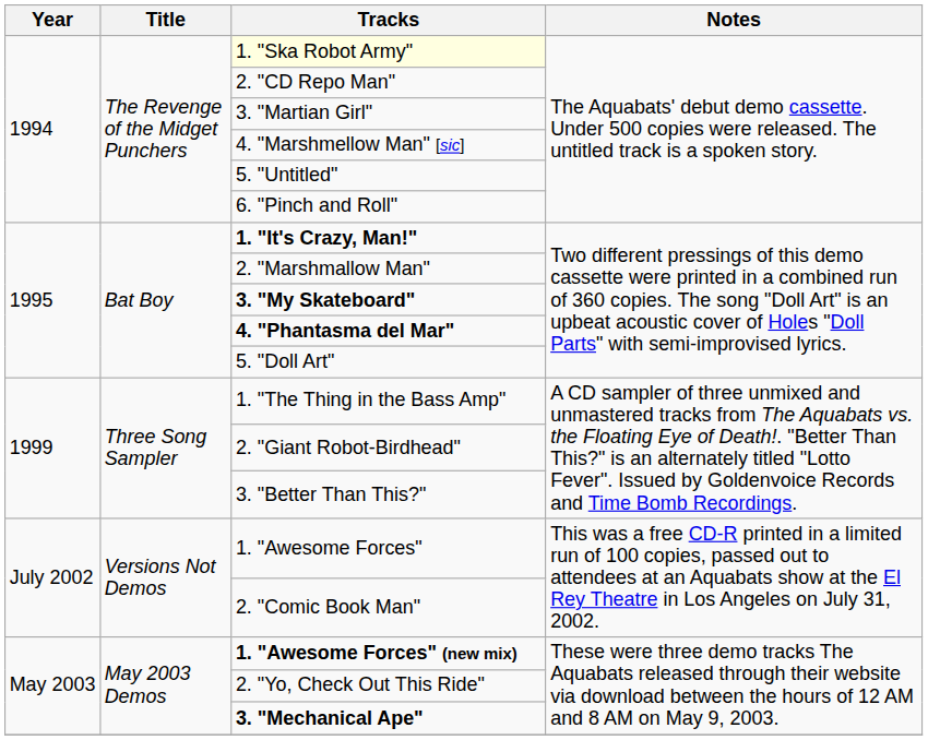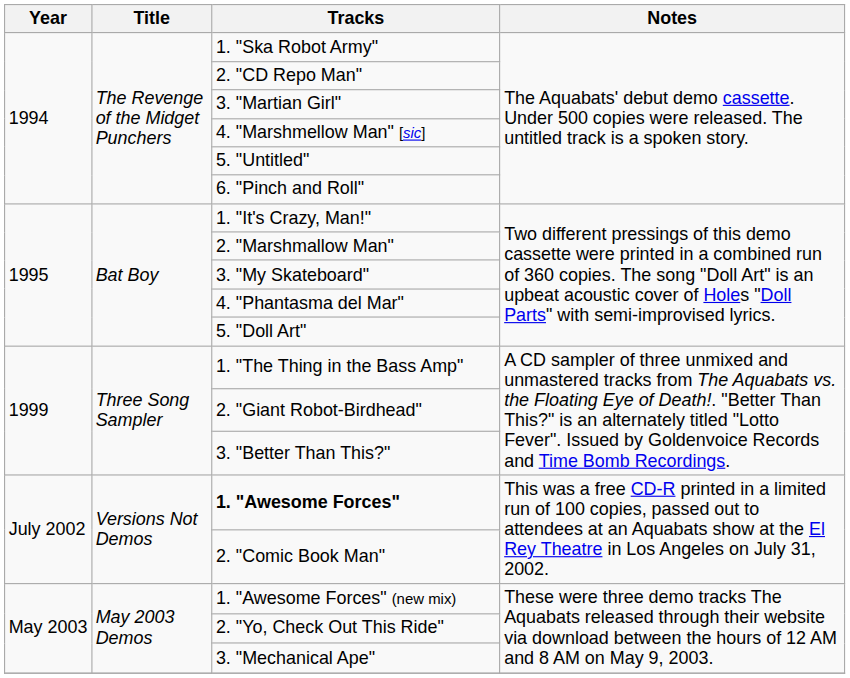 <table class="wikitable">
 <tr>
 <th><strong>Year</strong></th>
 <th width="100pt"><strong>Title</strong></th>
 <th width="250pt"><strong>Tracks</strong></th>
 <th width="300pt"><strong>Notes</strong></th>
 </tr>
 <tr>
 <td rowspan=6>1994</td>
 <td rowspan=6><em>The Revenge of the Midget Punchers</em></td>
-<td style="background: lightyellow;">1. "Ska Robot Army"</td>
+<td>1. "Ska Robot Army"</td>
 <td rowspan=6>The Aquabats' debut demo <a href='#'>cassette</a>. Under 500 copies were released. The untitled track is a spoken story.</td>
 </tr>
 <tr>
 <td>2. "CD Repo Man"</td>
 </tr>
 <tr>
 <td>3. "Martian Girl"</td>
 </tr>
 <tr>
 <td>4. "Marshmellow Man" <small>[<em><a href='#'>sic</a></em>]</small></td>
 </tr>
 <tr>
 <td>5. "Untitled"</td>
 </tr>
 <tr>
 <td>6. "Pinch and Roll"</td>
 </tr>
 <tr>
 <td rowspan=5>1995</td>
 <td rowspan=5><em>Bat Boy</em></td>
-<td><strong>1. "It's Crazy, Man!"</strong></td>
+<td>1. "It's Crazy, Man!"</td>
 <td rowspan=5>Two different pressings of this demo cassette were printed in a combined run of 360 copies. The song "Doll Art" is an upbeat acoustic cover of <a href='#'>Hole</a>s "<a href='#'>Doll Parts</a>" with semi-improvised lyrics.</td>
 </tr>
 <tr>
 <td>2. "Marshmallow Man"</td>
 </tr>
 <tr>
-<td><strong>3. "My Skateboard"</strong></td>
+<td>3. "My Skateboard"</td>
 </tr>
 <tr>
-<td><strong>4. "Phantasma del Mar"</strong></td>
+<td>4. "Phantasma del Mar"</td>
 </tr>
 <tr>
 <td>5. "Doll Art"</td>
 </tr>
 <tr>
 <td rowspan=3>1999</td>
 <td rowspan=3><em>Three Song Sampler</em></td>
 <td>1. "The Thing in the Bass Amp"</td>
 <td rowspan=3>A CD sampler of three unmixed and unmastered tracks from <em>The Aquabats vs. the Floating Eye of Death!</em>. "Better Than This?" is an alternately titled "Lotto Fever". Issued by Goldenvoice Records and <a href='#'>Time Bomb Recordings</a>.</td>
 </tr>
 <tr>
 <td>2. "Giant Robot-Birdhead"</td>
 </tr>
 <tr>
 <td>3. "Better Than This?"</td>
 </tr>
 <tr>
 <td rowspan=2>July 2002</td>
 <td rowspan=2><em>Versions Not Demos</em></td>
-<td>1. "Awesome Forces"</td>
+<td><strong>1. "Awesome Forces"</strong></td>
 <td rowspan=2>This was a free <a href='#'>CD-R</a> printed in a limited run of 100 copies, passed out to attendees at an Aquabats show at the <a href='#'>El Rey Theatre</a> in Los Angeles on July 31, 2002.</td>
 </tr>
 <tr>
 <td>2. "Comic Book Man"</td>
 </tr>
 <tr>
 <td rowspan=3>May 2003</td>
 <td rowspan=3><em>May 2003 Demos</em></td>
-<td><strong>1. "Awesome Forces" <small>(new mix)</small></strong></td>
+<td>1. "Awesome Forces" <small>(new mix)</small></td>
 <td rowspan=3>These were three demo tracks The Aquabats released through their website via download between the hours of 12 AM and 8 AM on May 9, 2003.</td>
 </tr>
 <tr>
 <td>2. "Yo, Check Out This Ride"</td>
 </tr>
 <tr>
-<td><strong>3. "Mechanical Ape"</strong></td>
+<td>3. "Mechanical Ape"</td>
 </tr>
 <tr>
 </tr>
 </table>
